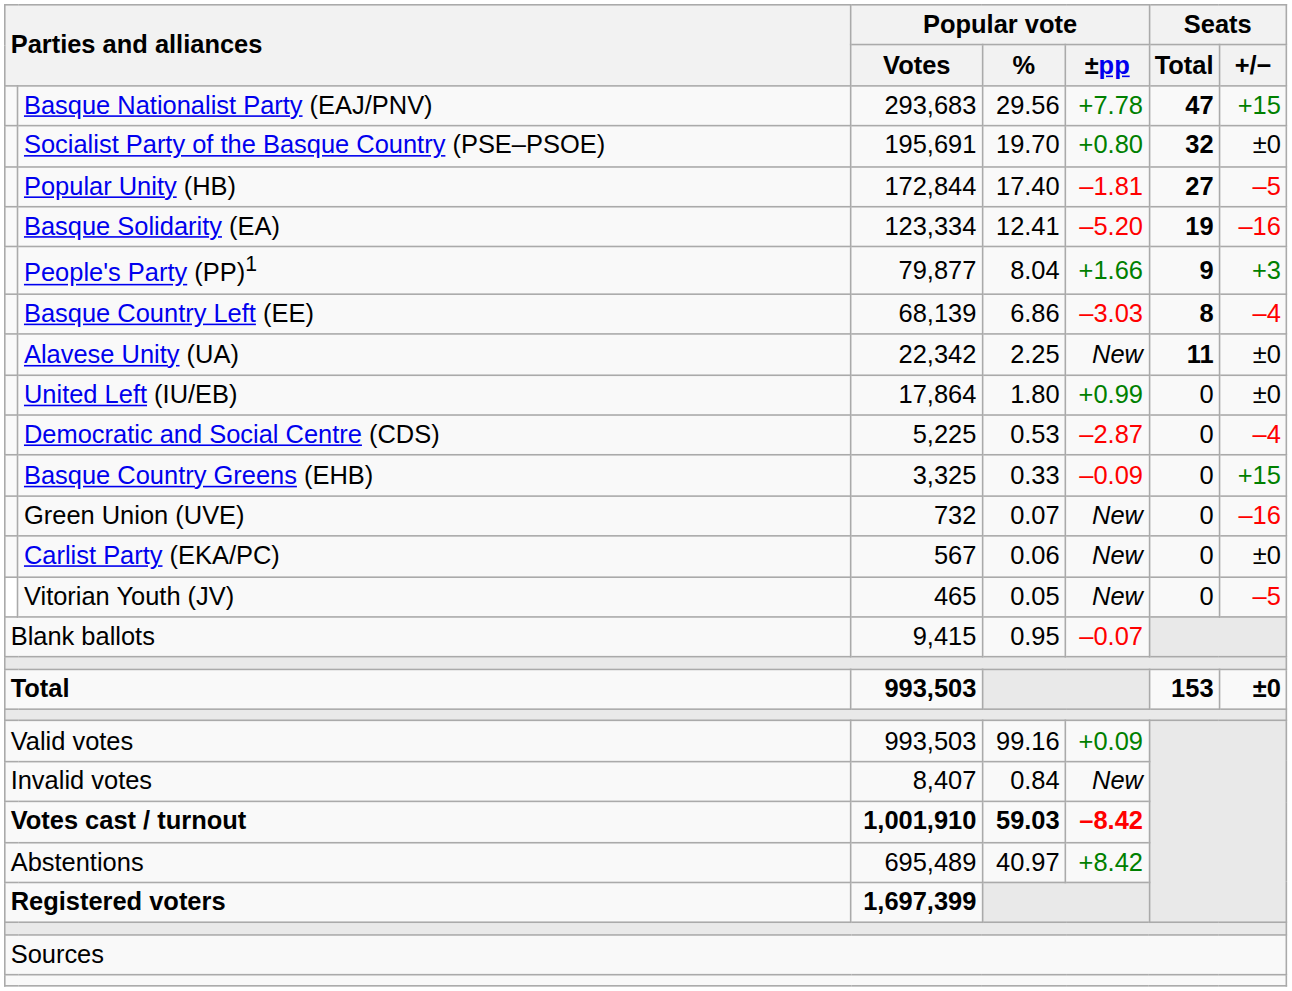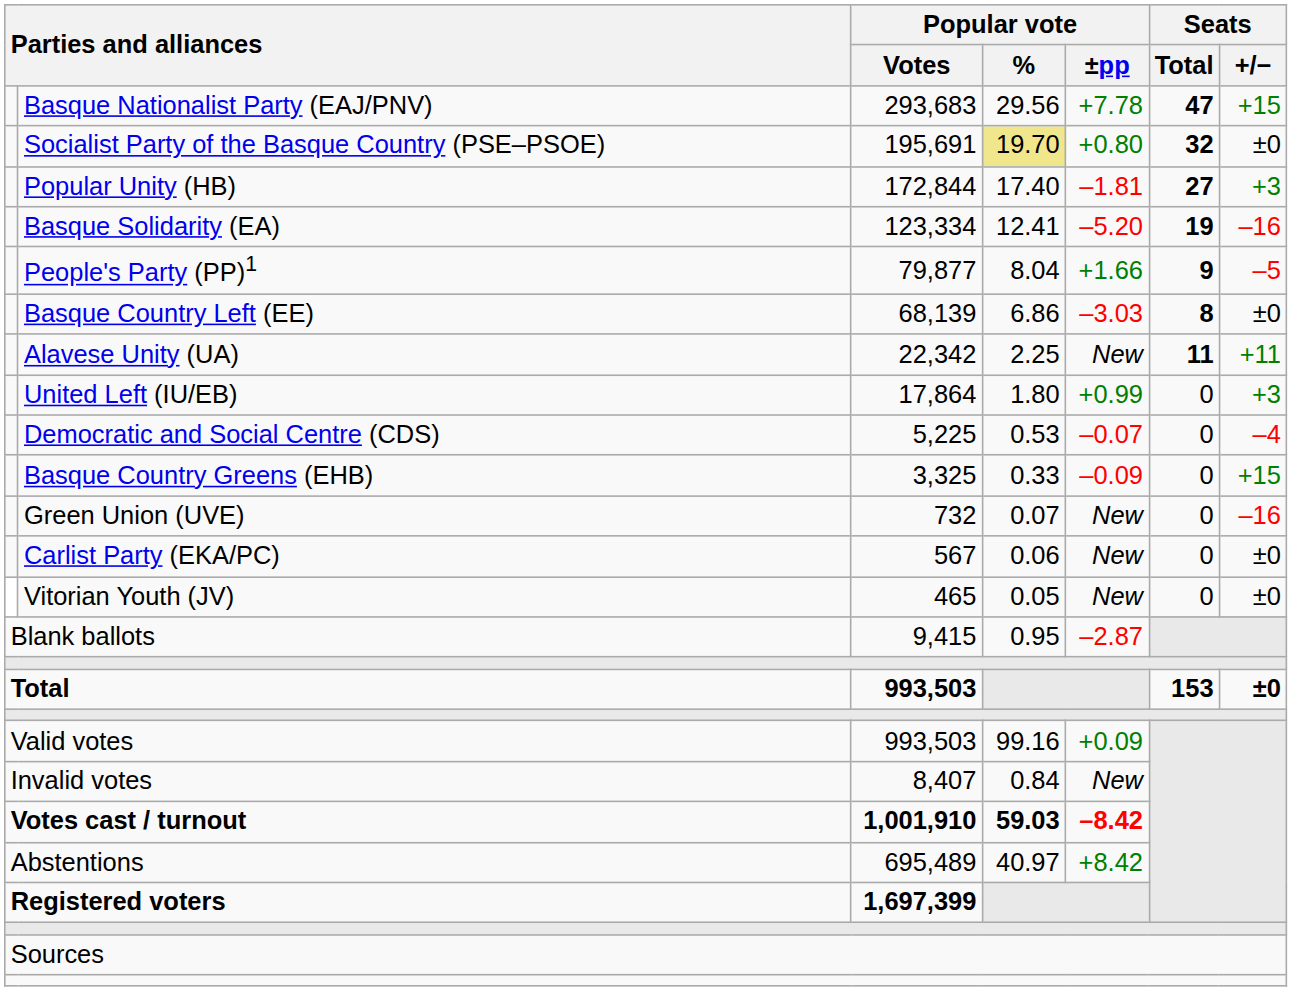 <table class="wikitable" style="text-align:right;">
 <tr>
 <th style="text-align:left;" rowspan="2" colspan="2" width="525">Parties and alliances</th>
 <th colspan="3">Popular vote</th>
 <th colspan="2">Seats</th>
 </tr>
 <tr>
 <th width="75">Votes</th>
 <th width="45">%</th>
 <th width="45">±<a href='#'>pp</a></th>
 <th width="35">Total</th>
 <th width="35">+/−</th>
 </tr>
 <tr>
 <td width="1" style="color:inherit;background:"></td>
 <td align="left"><a href='#'>Basque Nationalist Party</a> (EAJ/PNV)</td>
 <td>293,683</td>
 <td>29.56</td>
 <td style="color:green;">+7.78</td>
 <td><strong>47</strong></td>
 <td style="color:green;">+15</td>
 </tr>
 <tr>
 <td style="color:inherit;background:"></td>
 <td align="left"><a href='#'>Socialist Party of the Basque Country</a> (PSE–PSOE)</td>
 <td>195,691</td>
-<td>19.70</td>
+<td style="background: khaki;">19.70</td>
 <td style="color:green;">+0.80</td>
 <td><strong>32</strong></td>
 <td>±0</td>
 </tr>
 <tr>
 <td style="color:inherit;background:"></td>
 <td align="left"><a href='#'>Popular Unity</a> (HB)</td>
 <td>172,844</td>
 <td>17.40</td>
 <td style="color:red;">–1.81</td>
 <td><strong>27</strong></td>
-<td style="color:red;">–5</td>
+<td style="color:green;">+3</td>
 </tr>
 <tr>
 <td style="color:inherit;background:"></td>
 <td align="left"><a href='#'>Basque Solidarity</a> (EA)</td>
 <td>123,334</td>
 <td>12.41</td>
 <td style="color:red;">–5.20</td>
 <td><strong>19</strong></td>
 <td style="color:red;">–16</td>
 </tr>
 <tr>
 <td style="color:inherit;background:"></td>
 <td align="left"><a href='#'>People's Party</a> (PP)<sup>1</sup></td>
 <td>79,877</td>
 <td>8.04</td>
 <td style="color:green;">+1.66</td>
 <td><strong>9</strong></td>
-<td style="color:green;">+3</td>
+<td style="color:red;">–5</td>
 </tr>
 <tr>
 <td style="color:inherit;background:"></td>
 <td align="left"><a href='#'>Basque Country Left</a> (EE)</td>
 <td>68,139</td>
 <td>6.86</td>
 <td style="color:red;">–3.03</td>
 <td><strong>8</strong></td>
-<td style="color:red;">–4</td>
+<td>±0</td>
 </tr>
 <tr>
 <td style="color:inherit;background:"></td>
 <td align="left"><a href='#'>Alavese Unity</a> (UA)</td>
 <td>22,342</td>
 <td>2.25</td>
 <td><em>New</em></td>
 <td><strong>11</strong></td>
-<td>±0</td>
+<td style="color:green;">+11</td>
 </tr>
 <tr>
 <td style="color:inherit;background:"></td>
 <td align="left"><a href='#'>United Left</a> (IU/EB)</td>
 <td>17,864</td>
 <td>1.80</td>
 <td style="color:green;">+0.99</td>
 <td>0</td>
-<td>±0</td>
+<td style="color:green;">+3</td>
 </tr>
 <tr>
 <td style="color:inherit;background:"></td>
 <td align="left"><a href='#'>Democratic and Social Centre</a> (CDS)</td>
 <td>5,225</td>
 <td>0.53</td>
-<td style="color:red;">–2.87</td>
+<td style="color:red;">–0.07</td>
 <td>0</td>
 <td style="color:red;">–4</td>
 </tr>
 <tr>
 <td style="color:inherit;background:"></td>
 <td align="left"><a href='#'>Basque Country Greens</a> (EHB)</td>
 <td>3,325</td>
 <td>0.33</td>
 <td style="color:red;">–0.09</td>
 <td>0</td>
 <td style="color:green;">+15</td>
 </tr>
 <tr>
 <td style="color:inherit;background:"></td>
 <td align="left">Green Union (UVE)</td>
 <td>732</td>
 <td>0.07</td>
 <td><em>New</em></td>
 <td>0</td>
 <td style="color:red;">–16</td>
 </tr>
 <tr>
 <td style="color:inherit;background:"></td>
 <td align="left"><a href='#'>Carlist Party</a> (EKA/PC)</td>
 <td>567</td>
 <td>0.06</td>
 <td><em>New</em></td>
 <td>0</td>
 <td>±0</td>
 </tr>
 <tr>
 <td bgcolor="white"></td>
 <td align="left">Vitorian Youth (JV)</td>
 <td>465</td>
 <td>0.05</td>
 <td><em>New</em></td>
 <td>0</td>
-<td style="color:red;">–5</td>
+<td>±0</td>
 </tr>
 <tr>
 <td align="left" colspan="2">Blank ballots</td>
 <td>9,415</td>
 <td>0.95</td>
-<td style="color:red;">–0.07</td>
+<td style="color:red;">–2.87</td>
 <td bgcolor="#E9E9E9" colspan="2"></td>
 </tr>
 <tr>
 <td colspan="7" bgcolor="#E9E9E9"></td>
 </tr>
 <tr style="font-weight:bold;">
 <td align="left" colspan="2">Total</td>
 <td>993,503</td>
 <td bgcolor="#E9E9E9" colspan="2"></td>
 <td>153</td>
 <td>±0</td>
 </tr>
 <tr>
 <td colspan="7" bgcolor="#E9E9E9"></td>
 </tr>
 <tr>
 <td align="left" colspan="2">Valid votes</td>
 <td>993,503</td>
 <td>99.16</td>
 <td style="color:green;">+0.09</td>
 <td bgcolor="#E9E9E9" colspan="2" rowspan="5"></td>
 </tr>
 <tr>
 <td align="left" colspan="2">Invalid votes</td>
 <td>8,407</td>
 <td>0.84</td>
 <td><em>New</em></td>
 </tr>
 <tr style="font-weight:bold;">
 <td align="left" colspan="2">Votes cast / turnout</td>
 <td>1,001,910</td>
 <td>59.03</td>
 <td style="color:red;">–8.42</td>
 </tr>
 <tr>
 <td align="left" colspan="2">Abstentions</td>
 <td>695,489</td>
 <td>40.97</td>
 <td style="color:green;">+8.42</td>
 </tr>
 <tr style="font-weight:bold;">
 <td align="left" colspan="2">Registered voters</td>
 <td>1,697,399</td>
 <td bgcolor="#E9E9E9" colspan="2"></td>
 </tr>
 <tr>
 <td colspan="7" bgcolor="#E9E9E9"></td>
 </tr>
 <tr>
 <td align="left" colspan="7">Sources</td>
 </tr>
 <tr>
 <td colspan="7" style="text-align:left; max-width:790px;"></td>
 </tr>
 </table>
